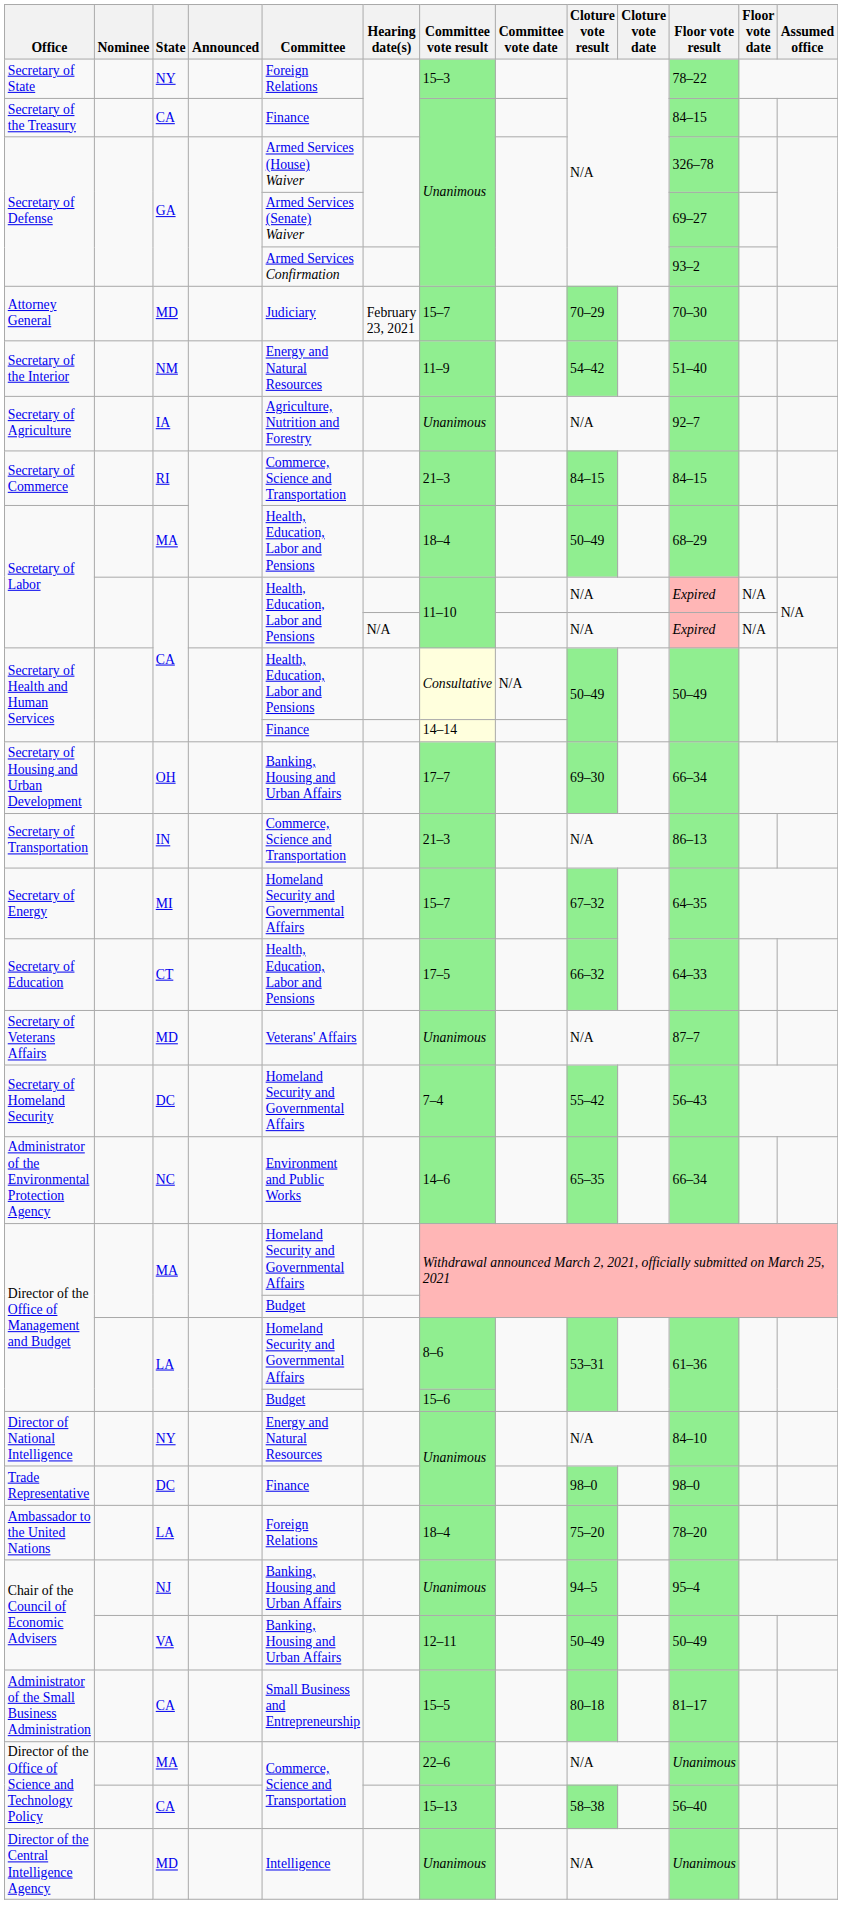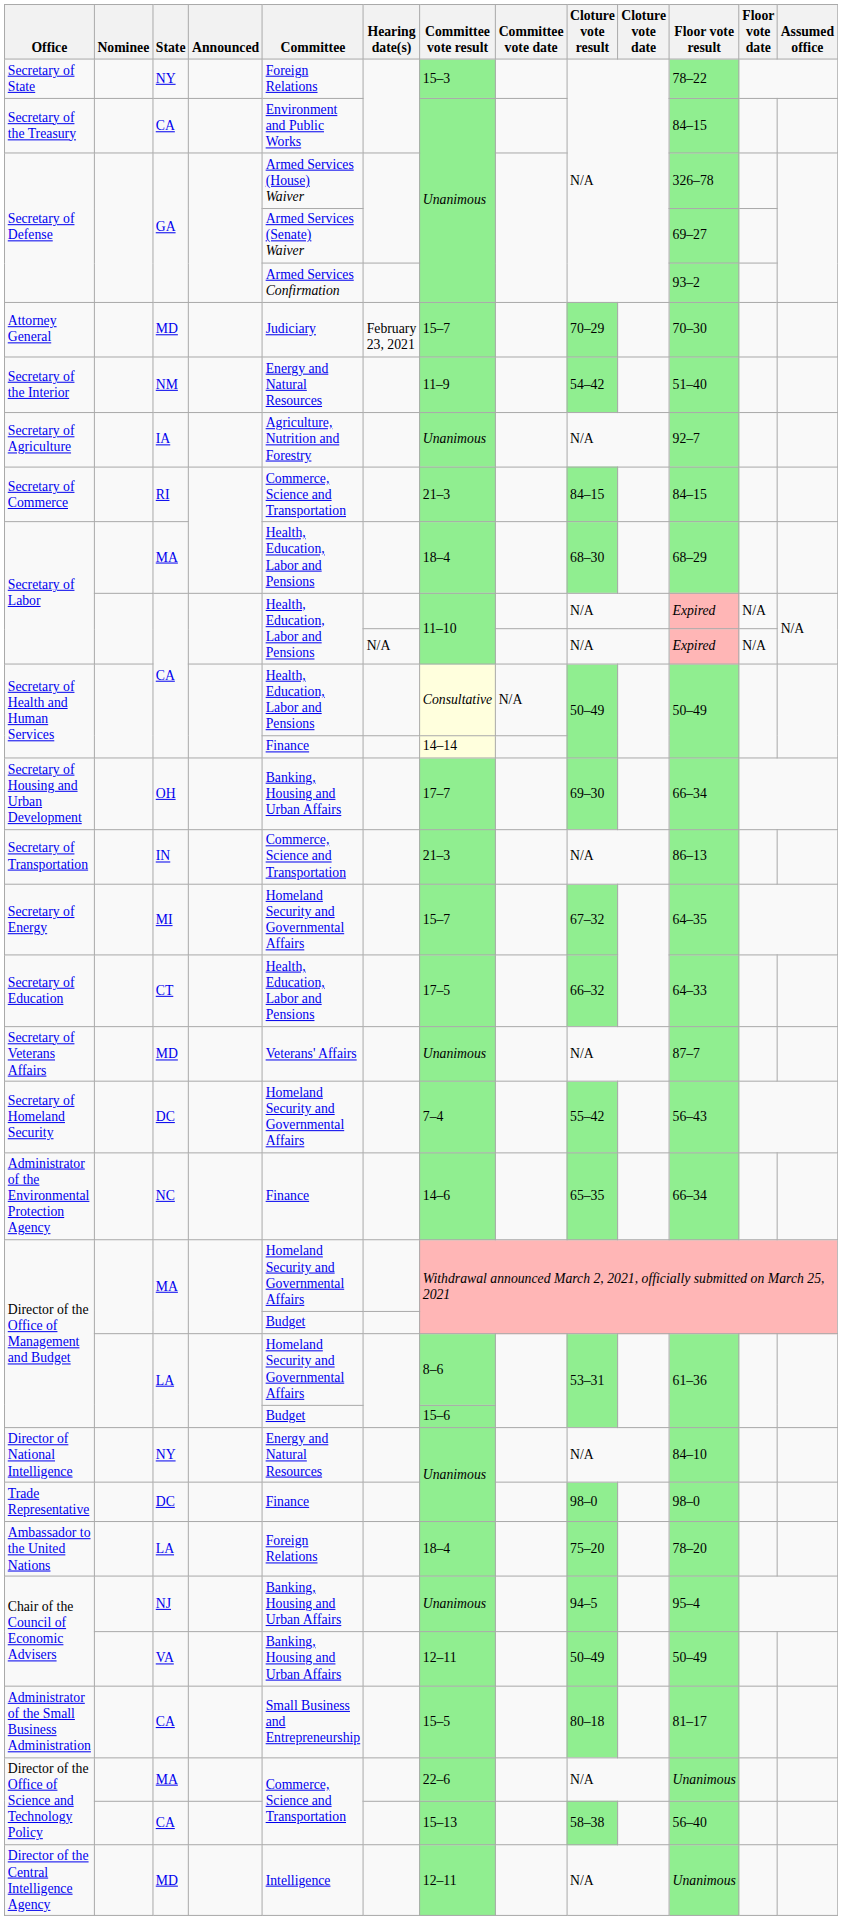 <table class="sortable wikitable" style="font-size: 85%;">
 <tr style="vertical-align:bottom;">
 <th>Office</th>
 <th>Nominee</th>
 <th>State</th>
 <th>Announced</th>
 <th>Committee</th>
 <th>Hearing date(s)</th>
 <th>Committee vote result</th>
 <th>Committee vote date</th>
 <th>Cloture vote result</th>
 <th>Cloture vote date</th>
 <th>Floor vote result</th>
 <th>Floor vote date</th>
 <th>Assumed office</th>
 </tr>
 <tr>
 <td><a href='#'>Secretary of State</a></td>
 <td></td>
 <td><a href='#'>NY</a></td>
 <td></td>
 <td><a href='#'>Foreign Relations</a></td>
 <td rowspan="2"></td>
 <td style="background: #90EE90;">15–3</td>
 <td></td>
 <td colspan="2" rowspan="5">N/A</td>
 <td style="background: #90EE90;">78–22</td>
 <td colspan="2"></td>
 </tr>
 <tr>
 <td><a href='#'>Secretary of the Treasury</a></td>
 <td></td>
 <td><a href='#'>CA</a></td>
 <td></td>
-<td><a href='#'>Finance</a></td>
+<td><a href='#'>Environment and Public Works</a></td>
 <td rowspan="4" style="background: #90EE90;"><em>Unanimous</em></td>
 <td></td>
 <td style="background: #90EE90;">84–15</td>
 <td></td>
 <td></td>
 </tr>
 <tr>
 <td rowspan=3><a href='#'>Secretary of Defense</a></td>
 <td rowspan=3></td>
 <td rowspan=3><a href='#'>GA</a></td>
 <td rowspan=3></td>
 <td><a href='#'>Armed Services (House)</a><br><em>Waiver</em></td>
 <td rowspan="2"></td>
 <td rowspan="3"></td>
 <td style="background: #90EE90;">326–78</td>
 <td></td>
 <td rowspan=3></td>
 </tr>
 <tr>
 <td><a href='#'>Armed Services (Senate)</a><br><em>Waiver</em></td>
 <td style="background: #90EE90;">69–27</td>
 <td></td>
 </tr>
 <tr>
 <td><a href='#'>Armed Services</a><br><em>Confirmation</em></td>
 <td></td>
 <td style="background: #90EE90;">93–2</td>
 <td></td>
 </tr>
 <tr>
 <td><a href='#'>Attorney General</a></td>
 <td></td>
 <td><a href='#'>MD</a></td>
 <td></td>
 <td><a href='#'>Judiciary</a></td>
 <td><br>February 23, 2021</td>
 <td style="background: #90EE90;">15–7</td>
 <td></td>
 <td style="background: #90EE90;">70–29</td>
 <td></td>
 <td style="background: #90EE90;">70–30</td>
 <td></td>
 <td></td>
 </tr>
 <tr>
 <td><a href='#'>Secretary of the Interior</a></td>
 <td></td>
 <td><a href='#'>NM</a></td>
 <td></td>
 <td><a href='#'>Energy and Natural Resources</a></td>
 <td></td>
 <td style="background: #90EE90;">11–9</td>
 <td></td>
 <td style="background: #90EE90;">54–42</td>
 <td></td>
 <td style="background: #90EE90;">51–40</td>
 <td></td>
 <td></td>
 </tr>
 <tr>
 <td><a href='#'>Secretary of Agriculture</a></td>
 <td></td>
 <td><a href='#'>IA</a></td>
 <td></td>
 <td><a href='#'>Agriculture, Nutrition and Forestry</a></td>
 <td></td>
 <td style="background: #90EE90;"><em>Unanimous</em></td>
 <td></td>
 <td colspan="2">N/A</td>
 <td style="background: #90EE90;">92–7</td>
 <td></td>
 <td></td>
 </tr>
 <tr>
 <td><a href='#'>Secretary of Commerce</a></td>
 <td></td>
 <td><a href='#'>RI</a></td>
 <td rowspan="2"></td>
 <td><a href='#'>Commerce, Science and Transportation</a></td>
 <td></td>
 <td style="background: #90EE90;">21–3</td>
 <td></td>
 <td style="background: #90EE90;">84–15</td>
 <td></td>
 <td style="background: #90EE90;">84–15</td>
 <td></td>
 <td></td>
 </tr>
 <tr>
 <td rowspan=3><a href='#'>Secretary of Labor</a></td>
 <td></td>
 <td><a href='#'>MA</a></td>
 <td><a href='#'>Health, Education, Labor and Pensions</a></td>
 <td></td>
 <td style="background: #90EE90;">18–4</td>
 <td></td>
-<td style="background: #90EE90;">50–49</td>
+<td style="background: #90EE90;">68–30</td>
 <td></td>
 <td style="background: #90EE90;">68–29</td>
 <td></td>
 <td></td>
 </tr>
 <tr>
 <td rowspan=2></td>
 <td rowspan="4"><a href='#'>CA</a></td>
 <td rowspan=2></td>
 <td rowspan=2><a href='#'>Health, Education, Labor and Pensions</a></td>
 <td></td>
 <td rowspan="2" style="background: #90EE90 ">11–10</td>
 <td></td>
 <td colspan="2">N/A</td>
 <td style="background-color:#FFB6B6"><em>Expired</em></td>
 <td>N/A</td>
 <td rowspan=2>N/A</td>
 </tr>
 <tr>
 <td>N/A</td>
 <td></td>
 <td colspan="2">N/A</td>
 <td style="background-color:#FFB6B6"><em>Expired</em></td>
 <td>N/A</td>
 </tr>
 <tr>
 <td rowspan=2><a href='#'>Secretary of Health and Human Services</a></td>
 <td rowspan=2></td>
 <td rowspan=2></td>
 <td><a href='#'>Health, Education, Labor and Pensions</a></td>
 <td></td>
 <td style="background: #FFD"><em>Consultative</em></td>
 <td>N/A</td>
 <td rowspan=2 style="background: #90EE90;">50–49</td>
 <td rowspan=2></td>
 <td rowspan=2 style="background: #90EE90;">50–49</td>
 <td rowspan=2></td>
 <td rowspan=2></td>
 </tr>
 <tr>
 <td><a href='#'>Finance</a></td>
 <td></td>
 <td style="background: #FFD">14–14</td>
 <td></td>
 </tr>
 <tr>
 <td><a href='#'>Secretary of Housing and Urban Development</a></td>
 <td></td>
 <td><a href='#'>OH</a></td>
 <td></td>
 <td><a href='#'>Banking, Housing and Urban Affairs</a></td>
 <td></td>
 <td style="background: #90EE90;">17–7</td>
 <td></td>
 <td style="background: #90EE90;">69–30</td>
 <td></td>
 <td style="background: #90EE90;">66–34</td>
 <td colspan="2"></td>
 </tr>
 <tr>
 <td><a href='#'>Secretary of Transportation</a></td>
 <td></td>
 <td><a href='#'>IN</a></td>
 <td></td>
 <td><a href='#'>Commerce, Science and Transportation</a></td>
 <td></td>
 <td style="background: #90EE90;">21–3</td>
 <td></td>
 <td colspan="2">N/A</td>
 <td style="background: #90EE90;">86–13</td>
 <td></td>
 <td></td>
 </tr>
 <tr>
 <td><a href='#'>Secretary of Energy</a></td>
 <td></td>
 <td><a href='#'>MI</a></td>
 <td></td>
 <td><a href='#'>Homeland Security and Governmental Affairs</a></td>
 <td></td>
 <td style="background: #90EE90;">15–7</td>
 <td></td>
 <td style="background: #90EE90;">67–32</td>
 <td rowspan="2"></td>
 <td style="background: #90EE90;">64–35</td>
 <td colspan="2"></td>
 </tr>
 <tr>
 <td><a href='#'>Secretary of Education</a></td>
 <td></td>
 <td><a href='#'>CT</a></td>
 <td></td>
 <td><a href='#'>Health, Education, Labor and Pensions</a></td>
 <td></td>
 <td style="background: #90EE90;">17–5</td>
 <td></td>
 <td style="background: #90EE90;">66–32</td>
 <td style="background: #90EE90;">64–33</td>
 <td></td>
 <td></td>
 </tr>
 <tr>
 <td><a href='#'>Secretary of Veterans Affairs</a></td>
 <td></td>
 <td><a href='#'>MD</a></td>
 <td></td>
 <td><a href='#'>Veterans' Affairs</a></td>
 <td></td>
 <td style="background: #90EE90;"><em>Unanimous</em></td>
 <td></td>
 <td colspan="2">N/A</td>
 <td style="background: #90EE90;">87–7</td>
 <td></td>
 <td></td>
 </tr>
 <tr>
 <td><a href='#'>Secretary of Homeland Security</a></td>
 <td></td>
 <td><a href='#'>DC</a></td>
 <td></td>
 <td><a href='#'>Homeland Security and Governmental Affairs</a></td>
 <td></td>
 <td style="background: #90EE90;">7–4</td>
 <td></td>
 <td style="background: #90EE90;">55–42</td>
 <td></td>
 <td style="background: #90EE90;">56–43</td>
 <td colspan="2"></td>
 </tr>
 <tr>
 <td><a href='#'>Administrator of the Environmental Protection Agency</a></td>
 <td></td>
 <td><a href='#'>NC</a></td>
 <td></td>
-<td><a href='#'>Environment and Public Works</a></td>
+<td><a href='#'>Finance</a></td>
 <td></td>
 <td style="background: #90EE90;">14–6</td>
 <td></td>
 <td style="background: #90EE90;">65–35</td>
 <td></td>
 <td style="background: #90EE90;">66–34</td>
 <td></td>
 <td></td>
 </tr>
 <tr>
 <td rowspan=4>Director of the <a href='#'>Office of Management and Budget</a></td>
 <td rowspan=2></td>
 <td rowspan=2><a href='#'>MA</a></td>
 <td rowspan=2></td>
 <td><a href='#'>Homeland Security and Governmental Affairs</a></td>
 <td></td>
 <td rowspan=2 colspan=7 style="background-color:#FFB6B6"><em>Withdrawal announced March 2, 2021, officially submitted on March 25, 2021</em></td>
 </tr>
 <tr>
 <td><a href='#'>Budget</a></td>
 <td></td>
 </tr>
 <tr>
 <td rowspan=2></td>
 <td rowspan=2><a href='#'>LA</a></td>
 <td rowspan=2></td>
 <td><a href='#'>Homeland Security and Governmental Affairs</a></td>
 <td rowspan="2"></td>
 <td style="background: #90EE90;">8–6</td>
 <td rowspan="2"></td>
 <td rowspan=2 style="background: #90EE90;">53–31</td>
 <td rowspan=2></td>
 <td rowspan=2 style="background: #90EE90;">61–36</td>
 <td rowspan=2></td>
 <td rowspan=2></td>
 </tr>
 <tr>
 <td><a href='#'>Budget</a></td>
 <td style="background: #90EE90;">15–6</td>
 </tr>
 <tr>
 <td><a href='#'>Director of National Intelligence</a></td>
 <td></td>
 <td><a href='#'>NY</a></td>
 <td></td>
 <td><a href='#'>Energy and Natural Resources</a></td>
 <td></td>
 <td rowspan="2" style="background: #90EE90;"><em>Unanimous</em></td>
 <td></td>
 <td colspan="2">N/A</td>
 <td style="background: #90EE90;">84–10</td>
 <td></td>
 <td></td>
 </tr>
 <tr>
 <td><a href='#'>Trade Representative</a></td>
 <td></td>
 <td><a href='#'>DC</a></td>
 <td></td>
 <td><a href='#'>Finance</a></td>
 <td></td>
 <td></td>
 <td style="background: #90EE90;">98–0</td>
 <td></td>
 <td style="background: #90EE90;">98–0</td>
 <td></td>
 <td></td>
 </tr>
 <tr>
 <td><a href='#'>Ambassador to the United Nations</a></td>
 <td></td>
 <td><a href='#'>LA</a></td>
 <td></td>
 <td><a href='#'>Foreign Relations</a></td>
 <td></td>
 <td style="background: #90EE90;">18–4</td>
 <td></td>
 <td style="background: #90EE90;">75–20</td>
 <td></td>
 <td style="background: #90EE90;">78–20</td>
 <td></td>
 <td></td>
 </tr>
 <tr>
 <td rowspan=2>Chair of the <a href='#'>Council of Economic Advisers</a></td>
 <td></td>
 <td><a href='#'>NJ</a></td>
 <td></td>
 <td><a href='#'>Banking, Housing and Urban Affairs</a></td>
 <td></td>
 <td style="background: #90EE90;"><em>Unanimous</em></td>
 <td></td>
 <td style="background: #90EE90;">94–5</td>
 <td></td>
 <td style="background: #90EE90;">95–4</td>
 <td colspan="2"></td>
 </tr>
 <tr>
 <td></td>
 <td><a href='#'>VA</a></td>
 <td></td>
 <td><a href='#'>Banking, Housing and Urban Affairs</a></td>
 <td></td>
 <td style="background: #90EE90;">12–11</td>
 <td></td>
 <td style="background: #90EE90;">50–49</td>
 <td></td>
 <td style="background: #90EE90;">50–49</td>
 <td></td>
 <td></td>
 </tr>
 <tr>
 <td><a href='#'>Administrator of the Small Business Administration</a></td>
 <td></td>
 <td><a href='#'>CA</a></td>
 <td></td>
 <td><a href='#'>Small Business and Entrepreneurship</a></td>
 <td></td>
 <td style="background: #90EE90;">15–5</td>
 <td></td>
 <td style="background: #90EE90;">80–18</td>
 <td></td>
 <td style="background: #90EE90;">81–17</td>
 <td></td>
 <td></td>
 </tr>
 <tr>
 <td rowspan=2>Director of the <a href='#'>Office of Science and Technology Policy</a></td>
 <td></td>
 <td><a href='#'>MA</a></td>
 <td></td>
 <td rowspan=2><a href='#'>Commerce, Science and Transportation</a></td>
 <td></td>
 <td style="background: #90EE90;">22–6</td>
 <td></td>
 <td colspan="2">N/A</td>
 <td style="background: #90EE90;"><em>Unanimous</em></td>
 <td></td>
 <td></td>
 </tr>
 <tr>
 <td></td>
 <td><a href='#'>CA</a></td>
 <td></td>
 <td></td>
 <td style="background: #90EE90;">15–13</td>
 <td></td>
 <td style="background: #90EE90;">58–38</td>
 <td></td>
 <td style="background: #90EE90;">56–40</td>
 <td></td>
 <td></td>
 </tr>
 <tr>
 <td><a href='#'>Director of the Central Intelligence Agency</a></td>
 <td></td>
 <td><a href='#'>MD</a></td>
 <td></td>
 <td><a href='#'>Intelligence</a></td>
 <td></td>
-<td style="background: #90EE90;"><em>Unanimous</em></td>
+<td style="background: #90EE90;">12–11</td>
 <td></td>
 <td colspan="2">N/A</td>
 <td style="background: #90EE90;"><em>Unanimous</em></td>
 <td></td>
 <td></td>
 </tr>
 </table>
